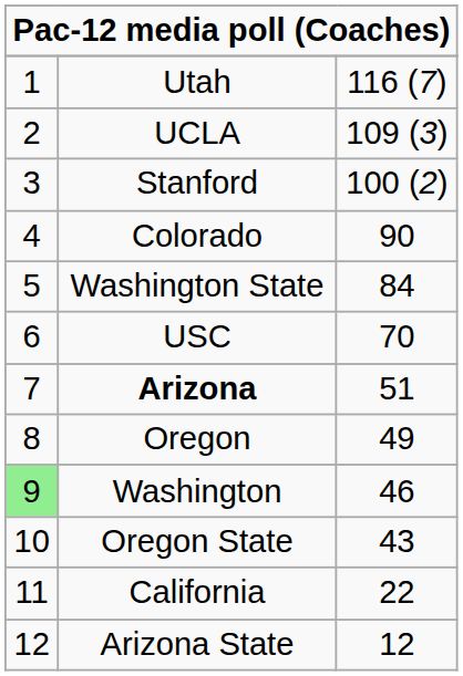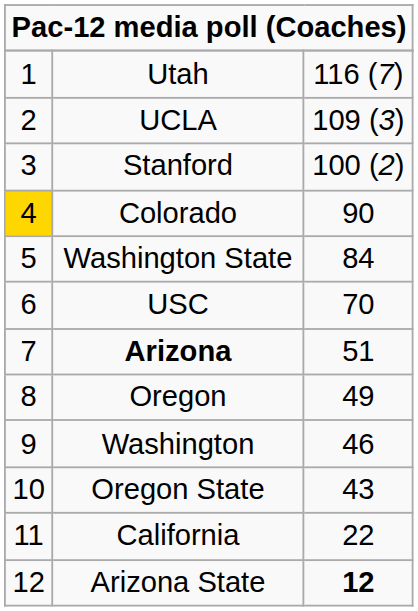 <table class="wikitable" style="display: inline-table;">
 <tr>
 <td align="center" Colspan="3"><strong>Pac-12 media poll (Coaches)</strong></td>
 </tr>
 <tr align="center">
 </tr>
 <tr align="center">
 <td>1</td>
 <td ! style=>Utah</td>
 <td>116 (<em>7</em>)</td>
 </tr>
 <tr align="center">
 <td>2</td>
 <td ! style=>UCLA</td>
 <td>109 (<em>3</em>)</td>
 </tr>
 <tr align="center">
 <td>3</td>
 <td ! style=>Stanford</td>
 <td>100 (<em>2</em>)</td>
 </tr>
 <tr align="center">
-<td>4</td>
+<td style="background: gold;">4</td>
 <td ! style=>Colorado</td>
 <td>90</td>
 </tr>
 <tr align="center">
 <td>5</td>
 <td ! style=>Washington State</td>
 <td>84</td>
 </tr>
 <tr align="center">
 <td>6</td>
 <td ! style=>USC</td>
 <td>70</td>
 </tr>
 <tr align="center">
 <td>7</td>
 <td ! style=><strong>Arizona</strong></td>
 <td>51</td>
 </tr>
 <tr align="center">
 <td>8</td>
 <td ! style=>Oregon</td>
 <td>49</td>
 </tr>
 <tr align="center">
-<td style="background: lightgreen;">9</td>
+<td>9</td>
 <td ! style=>Washington</td>
 <td>46</td>
 </tr>
 <tr align="center">
 <td>10</td>
 <td ! style=>Oregon State</td>
 <td>43</td>
 </tr>
 <tr align="center">
 <td>11</td>
 <td ! style=>California</td>
 <td>22</td>
 </tr>
 <tr align="center">
 <td>12</td>
 <td ! style=>Arizona State</td>
-<td>12</td>
+<td><strong>12</strong></td>
 </tr>
 </table>
